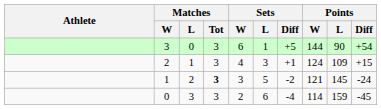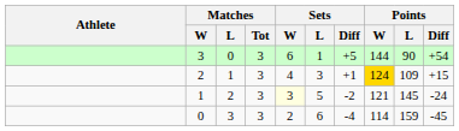 <table class=wikitable style="text-align:center">
 <tr>
 <th rowspan=2 width=220>Athlete</th>
 <th colspan=3 width=90>Matches</th>
 <th colspan=3 width=90>Sets</th>
 <th colspan=3 width=90>Points</th>
 </tr>
 <tr>
 <th width=30>W</th>
 <th width=30>L</th>
 <th width=30>Tot</th>
 <th width=30>W</th>
 <th width=30>L</th>
 <th width=30>Diff</th>
 <th width=30>W</th>
 <th width=30>L</th>
 <th width=30>Diff</th>
 </tr>
 <tr bgcolor=ccffcc>
 <td style="text-align:left"></td>
 <td>3</td>
 <td>0</td>
 <td>3</td>
 <td>6</td>
 <td>1</td>
 <td>+5</td>
 <td>144</td>
 <td>90</td>
 <td>+54</td>
 </tr>
 <tr>
 <td style="text-align:left"></td>
 <td>2</td>
 <td>1</td>
 <td>3</td>
 <td>4</td>
 <td>3</td>
 <td>+1</td>
-<td>124</td>
+<td style="background: gold;">124</td>
 <td>109</td>
 <td>+15</td>
 </tr>
 <tr>
 <td style="text-align:left"></td>
 <td>1</td>
 <td>2</td>
-<td><strong>3</strong></td>
 <td>3</td>
+<td style="background: lightyellow;">3</td>
 <td>5</td>
 <td>-2</td>
 <td>121</td>
 <td>145</td>
 <td>-24</td>
 </tr>
 <tr>
 <td style="text-align:left"></td>
 <td>0</td>
 <td>3</td>
 <td>3</td>
 <td>2</td>
 <td>6</td>
 <td>-4</td>
 <td>114</td>
 <td>159</td>
 <td>-45</td>
 </tr>
 </table>
